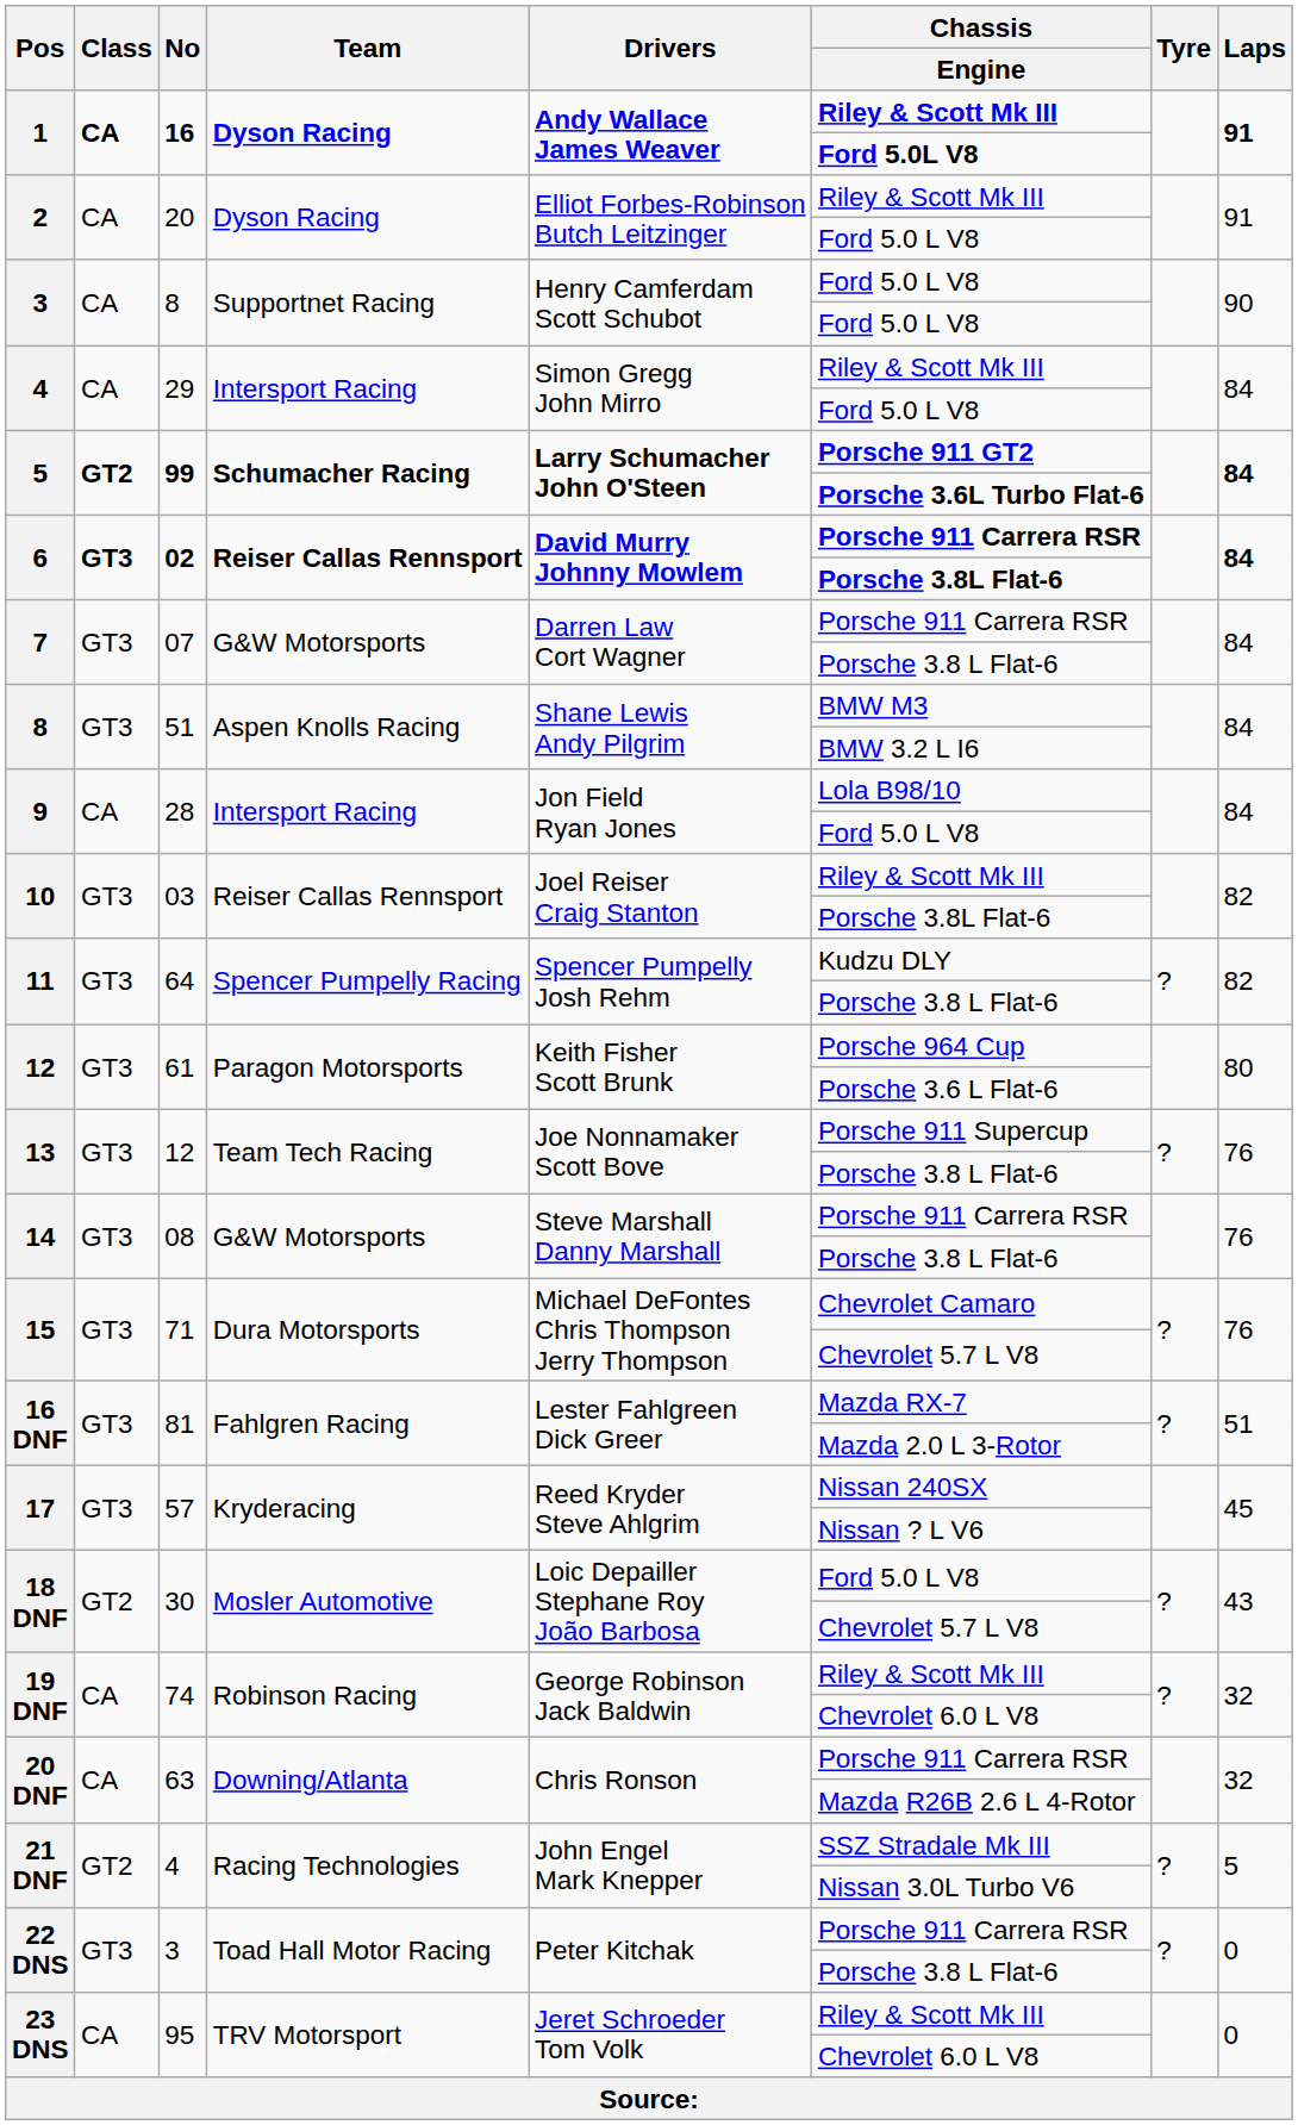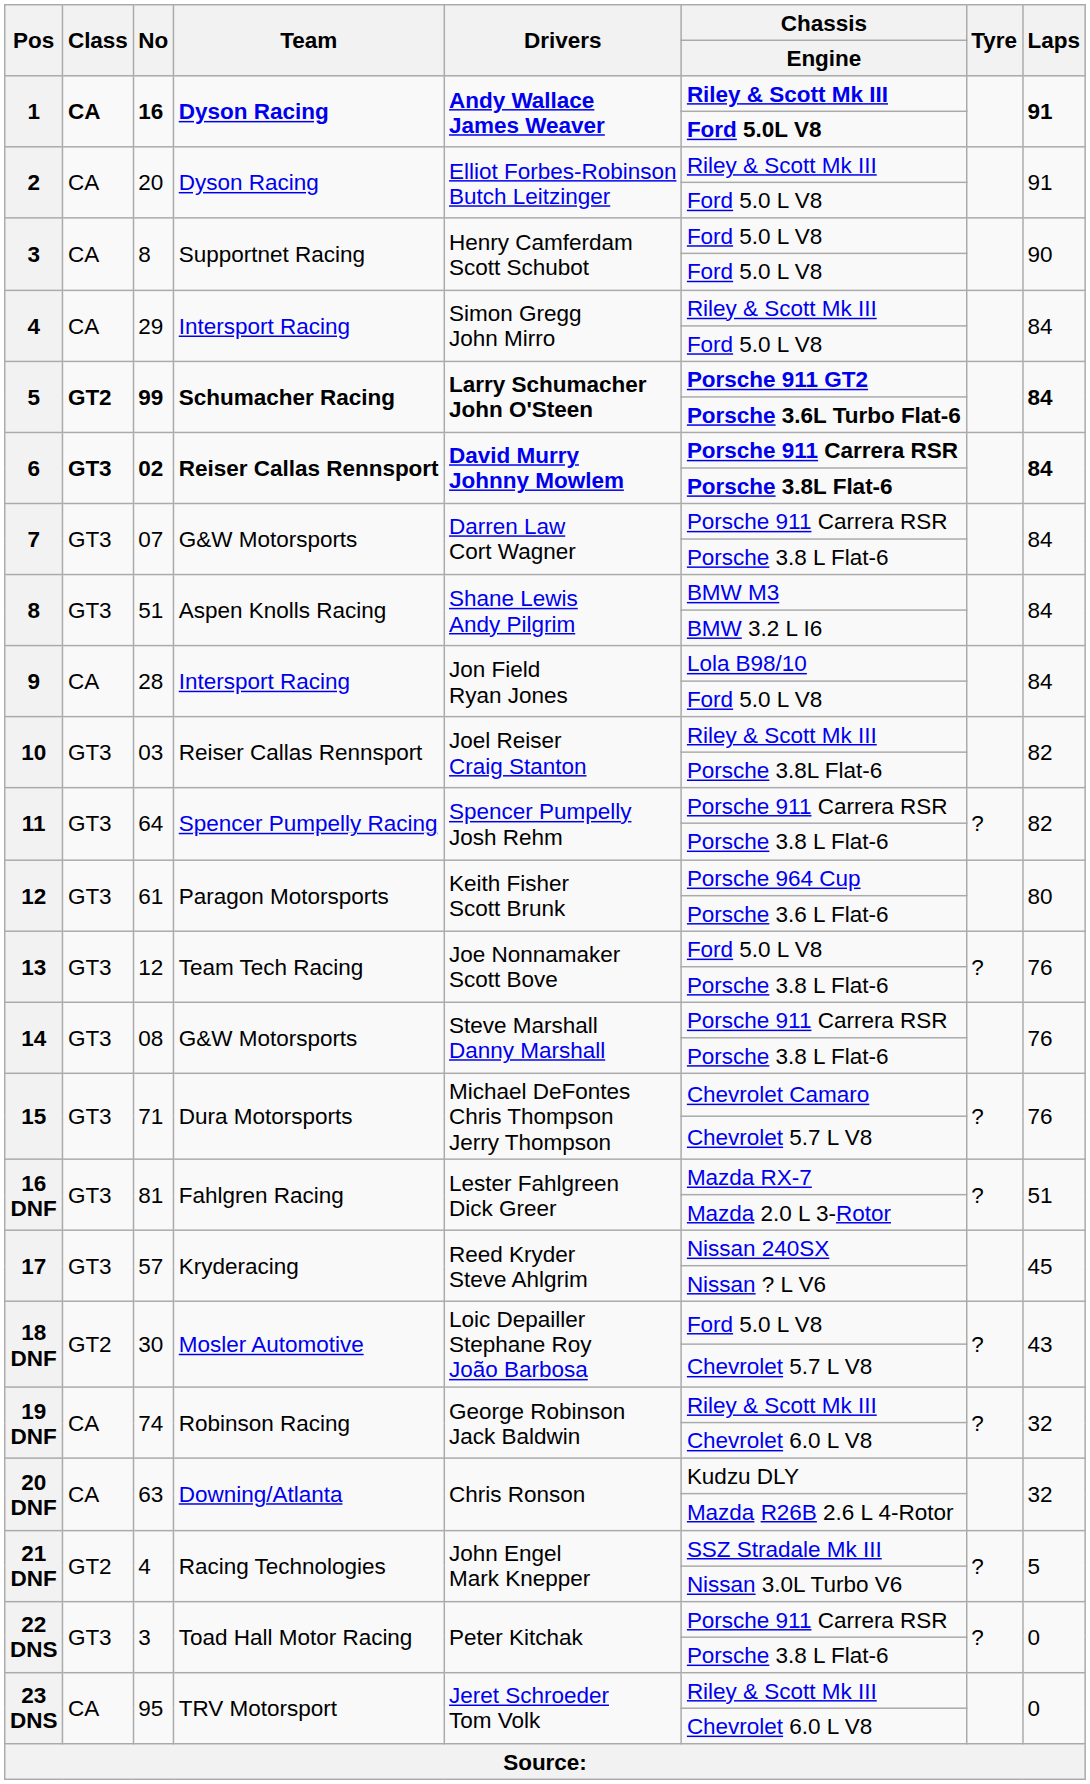 <table class="wikitable" style="font-size: 95%;">
 <tr>
 <th rowspan=2>Pos</th>
 <th rowspan=2>Class</th>
 <th rowspan=2>No</th>
 <th rowspan=2>Team</th>
 <th rowspan=2>Drivers</th>
 <th>Chassis</th>
 <th rowspan=2>Tyre</th>
 <th rowspan=2>Laps</th>
 </tr>
 <tr>
 <th>Engine</th>
 </tr>
 <tr>
 <th rowspan=2>1</th>
 <td rowspan=2><strong>CA</strong></td>
 <td rowspan=2><strong>16</strong></td>
 <td rowspan=2><strong> <a href='#'>Dyson Racing</a></strong></td>
 <td rowspan=2><strong> <a href='#'>Andy Wallace</a><br> <a href='#'>James Weaver</a></strong></td>
 <td><strong><a href='#'>Riley & Scott Mk III</a></strong></td>
 <td rowspan=2></td>
 <td rowspan=2><strong>91</strong></td>
 </tr>
 <tr>
 <td><strong><a href='#'>Ford</a> 5.0L V8</strong></td>
 </tr>
 <tr>
 <th rowspan=2>2</th>
 <td rowspan=2>CA</td>
 <td rowspan=2>20</td>
 <td rowspan=2> <a href='#'>Dyson Racing</a></td>
 <td rowspan=2> <a href='#'>Elliot Forbes-Robinson</a><br> <a href='#'>Butch Leitzinger</a></td>
 <td><a href='#'>Riley & Scott Mk III</a></td>
 <td rowspan=2></td>
 <td rowspan=2>91</td>
 </tr>
 <tr>
 <td><a href='#'>Ford</a> 5.0 L V8</td>
 </tr>
 <tr>
 <th rowspan=2>3</th>
 <td rowspan=2>CA</td>
 <td rowspan=2>8</td>
 <td rowspan=2> Supportnet Racing</td>
 <td rowspan=2> Henry Camferdam<br> Scott Schubot</td>
 <td><a href='#'>Ford</a> 5.0 L V8</td>
 <td rowspan=2></td>
 <td rowspan=2>90</td>
 </tr>
 <tr>
 <td><a href='#'>Ford</a> 5.0 L V8</td>
 </tr>
 <tr>
 <th rowspan=2>4</th>
 <td rowspan=2>CA</td>
 <td rowspan=2>29</td>
 <td rowspan=2> <a href='#'>Intersport Racing</a></td>
 <td rowspan=2> Simon Gregg<br> John Mirro</td>
 <td><a href='#'>Riley & Scott Mk III</a></td>
 <td rowspan=2></td>
 <td rowspan=2>84</td>
 </tr>
 <tr>
 <td><a href='#'>Ford</a> 5.0 L V8</td>
 </tr>
 <tr>
 <th rowspan=2>5</th>
 <td rowspan=2><strong>GT2</strong></td>
 <td rowspan=2><strong>99</strong></td>
 <td rowspan=2><strong> Schumacher Racing</strong></td>
 <td rowspan=2><strong> Larry Schumacher</strong><br><strong> John O'Steen</strong></td>
 <td><strong><a href='#'>Porsche 911 GT2</a></strong></td>
 <td rowspan=2></td>
 <td rowspan=2><strong>84</strong></td>
 </tr>
 <tr>
 <td><strong><a href='#'>Porsche</a> 3.6L Turbo Flat-6</strong></td>
 </tr>
 <tr>
 <th rowspan=2>6</th>
 <td rowspan=2><strong>GT3</strong></td>
 <td rowspan=2><strong>02</strong></td>
 <td rowspan=2><strong> Reiser Callas Rennsport</strong></td>
 <td rowspan=2><strong> <a href='#'>David Murry</a></strong><br><strong> <a href='#'>Johnny Mowlem</a></strong></td>
 <td><strong><a href='#'>Porsche 911</a> Carrera RSR</strong></td>
 <td rowspan=2></td>
 <td rowspan=2><strong>84</strong></td>
 </tr>
 <tr>
 <td><strong><a href='#'>Porsche</a> 3.8L Flat-6</strong></td>
 </tr>
 <tr>
 <th rowspan=2>7</th>
 <td rowspan=2>GT3</td>
 <td rowspan=2>07</td>
 <td rowspan=2> G&W Motorsports</td>
 <td rowspan=2> <a href='#'>Darren Law</a><br> Cort Wagner</td>
 <td><a href='#'>Porsche 911</a> Carrera RSR</td>
 <td rowspan=2></td>
 <td rowspan=2>84</td>
 </tr>
 <tr>
 <td><a href='#'>Porsche</a> 3.8 L Flat-6</td>
 </tr>
 <tr>
 <th rowspan=2>8</th>
 <td rowspan=2>GT3</td>
 <td rowspan=2>51</td>
 <td rowspan=2> Aspen Knolls Racing</td>
 <td rowspan=2> <a href='#'>Shane Lewis</a><br> <a href='#'>Andy Pilgrim</a></td>
 <td><a href='#'>BMW M3</a></td>
 <td rowspan=2></td>
 <td rowspan=2>84</td>
 </tr>
 <tr>
 <td><a href='#'>BMW</a> 3.2 L I6</td>
 </tr>
 <tr>
 <th rowspan=2>9</th>
 <td rowspan=2>CA</td>
 <td rowspan=2>28</td>
 <td rowspan=2> <a href='#'>Intersport Racing</a></td>
 <td rowspan=2> Jon Field<br> Ryan Jones</td>
 <td><a href='#'>Lola B98/10</a></td>
 <td rowspan=2></td>
 <td rowspan=2>84</td>
 </tr>
 <tr>
 <td><a href='#'>Ford</a> 5.0 L V8</td>
 </tr>
 <tr>
 <th rowspan=2>10</th>
 <td rowspan=2>GT3</td>
 <td rowspan=2>03</td>
 <td rowspan=2> Reiser Callas Rennsport</td>
 <td rowspan=2> Joel Reiser<br> <a href='#'>Craig Stanton</a></td>
 <td><a href='#'>Riley & Scott Mk III</a></td>
 <td rowspan=2></td>
 <td rowspan=2>82</td>
 </tr>
 <tr>
 <td><a href='#'>Porsche</a> 3.8L Flat-6</td>
 </tr>
 <tr>
 <th rowspan=2>11</th>
 <td rowspan=2>GT3</td>
 <td rowspan=2>64</td>
 <td rowspan=2> <a href='#'>Spencer Pumpelly Racing</a></td>
 <td rowspan=2> <a href='#'>Spencer Pumpelly</a><br> Josh Rehm</td>
-<td>Kudzu DLY</td>
+<td><a href='#'>Porsche 911</a> Carrera RSR</td>
 <td rowspan=2>?</td>
 <td rowspan=2>82</td>
 </tr>
 <tr>
 <td><a href='#'>Porsche</a> 3.8 L Flat-6</td>
 </tr>
 <tr>
 <th rowspan=2>12</th>
 <td rowspan=2>GT3</td>
 <td rowspan=2>61</td>
 <td rowspan=2> Paragon Motorsports</td>
 <td rowspan=2> Keith Fisher<br> Scott Brunk</td>
 <td><a href='#'>Porsche 964 Cup</a></td>
 <td rowspan=2></td>
 <td rowspan=2>80</td>
 </tr>
 <tr>
 <td><a href='#'>Porsche</a> 3.6 L Flat-6</td>
 </tr>
 <tr>
 <th rowspan=2>13</th>
 <td rowspan=2>GT3</td>
 <td rowspan=2>12</td>
 <td rowspan=2> Team Tech Racing</td>
 <td rowspan=2> Joe Nonnamaker<br> Scott Bove</td>
-<td><a href='#'>Porsche 911</a> Supercup</td>
+<td><a href='#'>Ford</a> 5.0 L V8</td>
 <td rowspan=2>?</td>
 <td rowspan=2>76</td>
 </tr>
 <tr>
 <td><a href='#'>Porsche</a> 3.8 L Flat-6</td>
 </tr>
 <tr>
 <th rowspan=2>14</th>
 <td rowspan=2>GT3</td>
 <td rowspan=2>08</td>
 <td rowspan=2> G&W Motorsports</td>
 <td rowspan=2> Steve Marshall<br> <a href='#'>Danny Marshall</a></td>
 <td><a href='#'>Porsche 911</a> Carrera RSR</td>
 <td rowspan=2></td>
 <td rowspan=2>76</td>
 </tr>
 <tr>
 <td><a href='#'>Porsche</a> 3.8 L Flat-6</td>
 </tr>
 <tr>
 <th rowspan=2>15</th>
 <td rowspan=2>GT3</td>
 <td rowspan=2>71</td>
 <td rowspan=2> Dura Motorsports</td>
 <td rowspan=2> Michael DeFontes<br> Chris Thompson<br> Jerry Thompson</td>
 <td><a href='#'>Chevrolet Camaro</a></td>
 <td rowspan=2>?</td>
 <td rowspan=2>76</td>
 </tr>
 <tr>
 <td><a href='#'>Chevrolet</a> 5.7 L V8</td>
 </tr>
 <tr>
 <th rowspan=2>16<br>DNF</th>
 <td rowspan=2>GT3</td>
 <td rowspan=2>81</td>
 <td rowspan=2> Fahlgren Racing</td>
 <td rowspan=2> Lester Fahlgreen<br> Dick Greer</td>
 <td><a href='#'>Mazda RX-7</a></td>
 <td rowspan=2>?</td>
 <td rowspan=2>51</td>
 </tr>
 <tr>
 <td><a href='#'>Mazda</a> 2.0 L 3-<a href='#'>Rotor</a></td>
 </tr>
 <tr>
 <th rowspan=2>17</th>
 <td rowspan=2>GT3</td>
 <td rowspan=2>57</td>
 <td rowspan=2> Kryderacing</td>
 <td rowspan=2> Reed Kryder<br> Steve Ahlgrim</td>
 <td><a href='#'>Nissan 240SX</a></td>
 <td rowspan=2></td>
 <td rowspan=2>45</td>
 </tr>
 <tr>
 <td><a href='#'>Nissan</a> ? L V6</td>
 </tr>
 <tr>
 <th rowspan=2>18<br>DNF</th>
 <td rowspan=2>GT2</td>
 <td rowspan=2>30</td>
 <td rowspan=2> <a href='#'>Mosler Automotive</a></td>
 <td rowspan=2> Loic Depailler<br> Stephane Roy<br> <a href='#'>João Barbosa</a></td>
 <td><a href='#'>Ford</a> 5.0 L V8</td>
 <td rowspan=2>?</td>
 <td rowspan=2>43</td>
 </tr>
 <tr>
 <td><a href='#'>Chevrolet</a> 5.7 L V8</td>
 </tr>
 <tr>
 <th rowspan=2>19<br>DNF</th>
 <td rowspan=2>CA</td>
 <td rowspan=2>74</td>
 <td rowspan=2> Robinson Racing</td>
 <td rowspan=2> George Robinson<br> Jack Baldwin</td>
 <td><a href='#'>Riley & Scott Mk III</a></td>
 <td rowspan=2>?</td>
 <td rowspan=2>32</td>
 </tr>
 <tr>
 <td><a href='#'>Chevrolet</a> 6.0 L V8</td>
 </tr>
 <tr>
 <th rowspan=2>20<br>DNF</th>
 <td rowspan=2>CA</td>
 <td rowspan=2>63</td>
 <td rowspan=2> <a href='#'>Downing/Atlanta</a></td>
 <td rowspan=2> Chris Ronson</td>
-<td><a href='#'>Porsche 911</a> Carrera RSR</td>
+<td>Kudzu DLY</td>
 <td rowspan=2></td>
 <td rowspan=2>32</td>
 </tr>
 <tr>
 <td><a href='#'>Mazda</a> <a href='#'>R26B</a> 2.6 L 4-Rotor</td>
 </tr>
 <tr>
 <th rowspan=2>21<br>DNF</th>
 <td rowspan=2>GT2</td>
 <td rowspan=2>4</td>
 <td rowspan=2> Racing Technologies</td>
 <td rowspan=2> John Engel<br> Mark Knepper</td>
 <td><a href='#'>SSZ Stradale Mk III</a></td>
 <td rowspan=2>?</td>
 <td rowspan=2>5</td>
 </tr>
 <tr>
 <td><a href='#'>Nissan</a> 3.0L Turbo V6</td>
 </tr>
 <tr>
 <th rowspan="2">22<br>DNS</th>
 <td rowspan="2">GT3</td>
 <td rowspan="2">3</td>
 <td rowspan="2"> Toad Hall Motor Racing</td>
 <td rowspan="2"> Peter Kitchak</td>
 <td><a href='#'>Porsche 911</a> Carrera RSR</td>
 <td rowspan="2">?</td>
 <td rowspan="2">0</td>
 </tr>
 <tr>
 <td><a href='#'>Porsche</a> 3.8 L Flat-6</td>
 </tr>
 <tr>
 <th rowspan="2">23<br>DNS</th>
 <td rowspan="2">CA</td>
 <td rowspan="2">95</td>
 <td rowspan="2"> TRV Motorsport</td>
 <td rowspan="2"> <a href='#'>Jeret Schroeder</a><br> Tom Volk</td>
 <td><a href='#'>Riley & Scott Mk III</a></td>
 <td rowspan="2"></td>
 <td rowspan="2">0</td>
 </tr>
 <tr>
 <td><a href='#'>Chevrolet</a> 6.0 L V8</td>
 </tr>
 <tr>
 <th colspan="8">Source:</th>
 </tr>
 </table>
